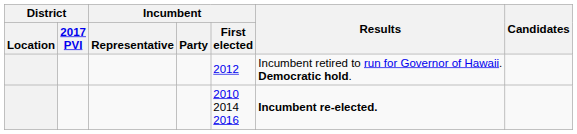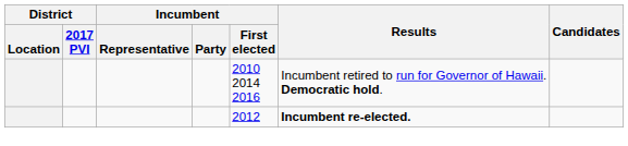 <table class="wikitable sortable">
 <tr>
 <th colspan=2>District</th>
 <th colspan=3>Incumbent</th>
 <th rowspan=2>Results</th>
 <th rowspan=2 class=unsortable>Candidates</th>
 </tr>
 <tr valign=bottom>
 <th>Location</th>
 <th><a href='#'>2017<br>PVI</a></th>
 <th>Representative</th>
 <th>Party</th>
 <th>First<br>elected</th>
 </tr>
 <tr>
 <th></th>
 <td></td>
 <td></td>
 <td></td>
-<td><a href='#'>2012</a></td>
+<td><a href='#'>2010</a><br>2014 <br><a href='#'>2016</a></td>
 <td>Incumbent retired to <a href='#'>run for Governor of Hawaii</a>.<br><strong>Democratic hold</strong>.</td>
 <td nowrap></td>
 </tr>
 <tr>
 <th></th>
 <td></td>
 <td></td>
 <td></td>
-<td><a href='#'>2010</a><br>2014 <br><a href='#'>2016</a></td>
+<td><a href='#'>2012</a></td>
 <td><strong>Incumbent re-elected.</strong></td>
 <td nowrap></td>
 </tr>
 </table>
